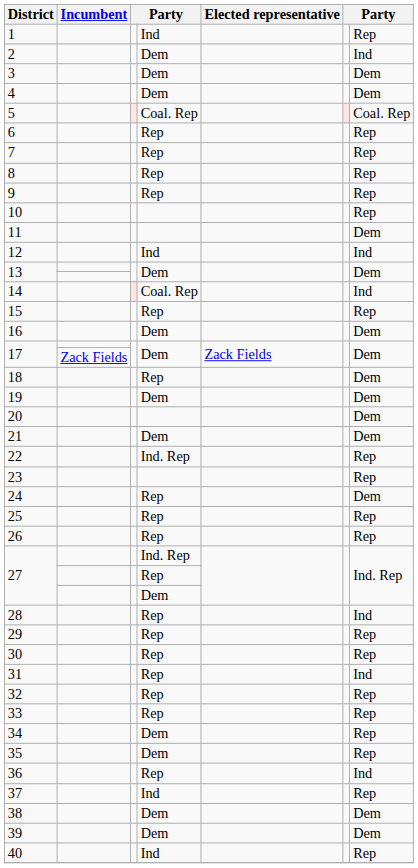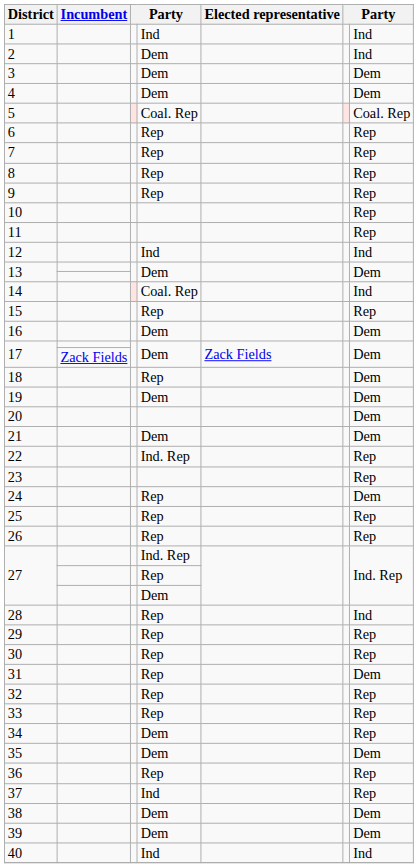 <table class="wikitable sortable" style="font-size:95%;line-height:14px;">
 <tr>
 <th>District</th>
 <th><a href='#'>Incumbent</a></th>
 <th colspan=2>Party</th>
 <th>Elected representative</th>
 <th colspan=2>Party</th>
 </tr>
 <tr>
 <td>1</td>
 <td></td>
 <td style="background:"></td>
 <td>Ind</td>
 <td></td>
 <td style="background:"></td>
-<td>Rep</td>
+<td>Ind</td>
 </tr>
 <tr>
 <td>2</td>
 <td></td>
 <td style="background:"></td>
 <td>Dem</td>
 <td></td>
 <td style="background:"></td>
 <td>Ind</td>
 </tr>
 <tr>
 <td>3</td>
 <td></td>
 <td style="background:"></td>
 <td>Dem</td>
 <td></td>
 <td style="background:"></td>
 <td>Dem</td>
 </tr>
 <tr>
 <td>4</td>
 <td></td>
 <td style="background:"></td>
 <td>Dem</td>
 <td></td>
 <td style="background:"></td>
 <td>Dem</td>
 </tr>
 <tr>
 <td>5</td>
 <td></td>
 <td style="background:#FFE4E1;"></td>
 <td>Coal. Rep</td>
 <td></td>
 <td style="background:#FFE4E1;"></td>
 <td>Coal. Rep</td>
 </tr>
 <tr>
 <td>6</td>
 <td></td>
 <td style="background:"></td>
 <td>Rep</td>
 <td></td>
 <td style="background:"></td>
 <td>Rep</td>
 </tr>
 <tr>
 <td>7</td>
 <td></td>
 <td style="background:"></td>
 <td>Rep</td>
 <td></td>
 <td style="background:"></td>
 <td>Rep</td>
 </tr>
 <tr>
 <td>8</td>
 <td></td>
 <td style="background:"></td>
 <td>Rep</td>
 <td></td>
 <td style="background:"></td>
 <td>Rep</td>
 </tr>
 <tr>
 <td>9</td>
 <td></td>
 <td style="background:"></td>
 <td>Rep</td>
 <td></td>
 <td style="background:"></td>
 <td>Rep</td>
 </tr>
 <tr>
 <td>10</td>
 <td></td>
 <td></td>
 <td></td>
 <td></td>
 <td style="background:"></td>
 <td>Rep</td>
 </tr>
 <tr>
 <td>11</td>
 <td></td>
 <td></td>
 <td></td>
 <td></td>
 <td style="background:"></td>
-<td>Dem</td>
+<td>Rep</td>
 </tr>
 <tr>
 <td>12</td>
 <td></td>
 <td style="background:"></td>
 <td>Ind</td>
 <td></td>
 <td style="background:"></td>
 <td>Ind</td>
 </tr>
 <tr>
 <td rowspan=2>13</td>
 <td></td>
 <td rowspan=2 style="background:"></td>
 <td rowspan=2>Dem</td>
 <td rowspan=2></td>
 <td rowspan=2 style="background:"></td>
 <td rowspan=2>Dem</td>
 </tr>
 <tr>
 <td></td>
 </tr>
 <tr>
 <td>14</td>
 <td></td>
 <td style="background:#FFE4E1;"></td>
 <td>Coal. Rep</td>
 <td></td>
 <td style="background:"></td>
 <td>Ind</td>
 </tr>
 <tr>
 <td>15</td>
 <td></td>
 <td style="background:"></td>
 <td>Rep</td>
 <td></td>
 <td style="background:"></td>
 <td>Rep</td>
 </tr>
 <tr>
 <td>16</td>
 <td></td>
 <td style="background:"></td>
 <td>Dem</td>
 <td></td>
 <td style="background:"></td>
 <td>Dem</td>
 </tr>
 <tr>
 <td rowspan=2>17</td>
 <td></td>
 <td rowspan=2 style="background:"></td>
 <td rowspan=2>Dem</td>
 <td rowspan=2><a href='#'>Zack Fields</a></td>
 <td rowspan=2 style="background:"></td>
 <td rowspan=2>Dem</td>
 </tr>
 <tr>
 <td><a href='#'>Zack Fields</a></td>
 </tr>
 <tr>
 <td>18</td>
 <td></td>
 <td style="background:"></td>
 <td>Rep</td>
 <td></td>
 <td style="background:"></td>
 <td>Dem</td>
 </tr>
 <tr>
 <td>19</td>
 <td></td>
 <td style="background:"></td>
 <td>Dem</td>
 <td></td>
 <td style="background:"></td>
 <td>Dem</td>
 </tr>
 <tr>
 <td>20</td>
 <td></td>
 <td></td>
 <td></td>
 <td></td>
 <td style="background:"></td>
 <td>Dem</td>
 </tr>
 <tr>
 <td>21</td>
 <td></td>
 <td style="background:"></td>
 <td>Dem</td>
 <td></td>
 <td style="background:"></td>
 <td>Dem</td>
 </tr>
 <tr>
 <td>22</td>
 <td></td>
 <td style="background:"></td>
 <td>Ind. Rep</td>
 <td></td>
 <td style="background:"></td>
 <td>Rep</td>
 </tr>
 <tr>
 <td>23</td>
 <td></td>
 <td></td>
 <td></td>
 <td></td>
 <td style="background:"></td>
 <td>Rep</td>
 </tr>
 <tr>
 <td>24</td>
 <td></td>
 <td style="background:"></td>
 <td>Rep</td>
 <td></td>
 <td style="background:"></td>
 <td>Dem</td>
 </tr>
 <tr>
 <td>25</td>
 <td></td>
 <td style="background:"></td>
 <td>Rep</td>
 <td></td>
 <td style="background:"></td>
 <td>Rep</td>
 </tr>
 <tr>
 <td>26</td>
 <td></td>
 <td style="background:"></td>
 <td>Rep</td>
 <td></td>
 <td style="background:"></td>
 <td>Rep</td>
 </tr>
 <tr>
 <td rowspan=3>27</td>
 <td></td>
 <td style="background:"></td>
 <td>Ind. Rep</td>
 <td rowspan=3></td>
 <td rowspan=3 style="background:"></td>
 <td rowspan=3>Ind. Rep</td>
 </tr>
 <tr>
 <td></td>
 <td style="background:"></td>
 <td>Rep</td>
 </tr>
 <tr>
 <td></td>
 <td style="background:"></td>
 <td>Dem</td>
 </tr>
 <tr>
 <td>28</td>
 <td></td>
 <td style="background:"></td>
 <td>Rep</td>
 <td></td>
 <td style="background:"></td>
 <td>Ind</td>
 </tr>
 <tr>
 <td>29</td>
 <td></td>
 <td style="background:"></td>
 <td>Rep</td>
 <td></td>
 <td style="background:"></td>
 <td>Rep</td>
 </tr>
 <tr>
 <td>30</td>
 <td></td>
 <td style="background:"></td>
 <td>Rep</td>
 <td></td>
 <td style="background:"></td>
 <td>Rep</td>
 </tr>
 <tr>
 <td>31</td>
 <td></td>
 <td style="background:"></td>
 <td>Rep</td>
 <td></td>
 <td style="background:"></td>
-<td>Ind</td>
+<td>Dem</td>
 </tr>
 <tr>
 <td>32</td>
 <td></td>
 <td style="background:"></td>
 <td>Rep</td>
 <td></td>
 <td style="background:"></td>
 <td>Rep</td>
 </tr>
 <tr>
 <td>33</td>
 <td></td>
 <td style="background:"></td>
 <td>Rep</td>
 <td></td>
 <td style="background:"></td>
 <td>Rep</td>
 </tr>
 <tr>
 <td>34</td>
 <td></td>
 <td style="background:"></td>
 <td>Dem</td>
 <td></td>
 <td style="background:"></td>
 <td>Rep</td>
 </tr>
 <tr>
 <td>35</td>
 <td></td>
 <td style="background:"></td>
 <td>Dem</td>
 <td></td>
 <td style="background:"></td>
-<td>Rep</td>
+<td>Dem</td>
 </tr>
 <tr>
 <td>36</td>
 <td></td>
 <td style="background:"></td>
 <td>Rep</td>
 <td></td>
 <td style="background:"></td>
-<td>Ind</td>
+<td>Rep</td>
 </tr>
 <tr>
 <td>37</td>
 <td></td>
 <td style="background:"></td>
 <td>Ind</td>
 <td></td>
 <td style="background:"></td>
 <td>Rep</td>
 </tr>
 <tr>
 <td>38</td>
 <td></td>
 <td style="background:"></td>
 <td>Dem</td>
 <td></td>
 <td style="background:"></td>
 <td>Dem</td>
 </tr>
 <tr>
 <td>39</td>
 <td></td>
 <td style="background:"></td>
 <td>Dem</td>
 <td></td>
 <td style="background:"></td>
 <td>Dem</td>
 </tr>
 <tr>
 <td>40</td>
 <td></td>
 <td style="background:"></td>
 <td>Ind</td>
 <td></td>
 <td style="background:"></td>
-<td>Rep</td>
+<td>Ind</td>
 </tr>
 <tr>
 </tr>
 </table>
